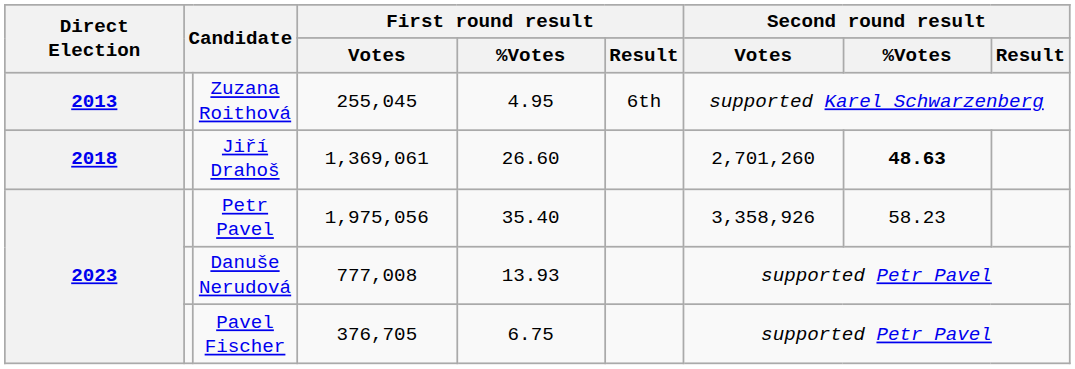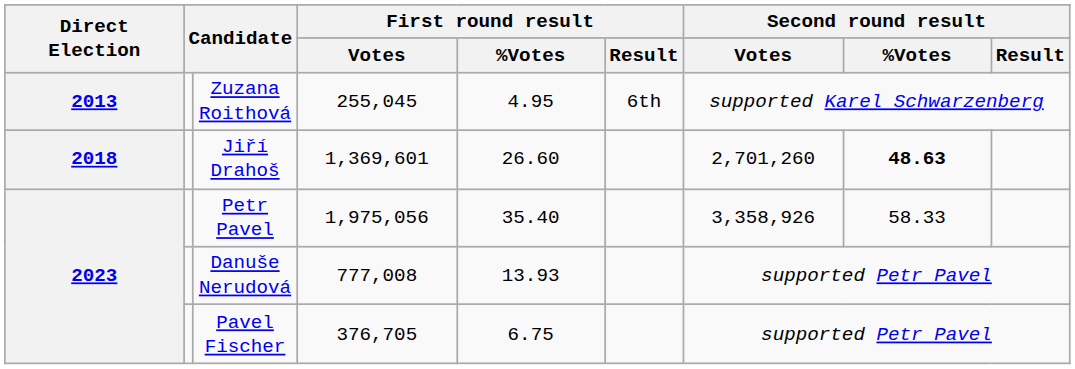 <table class="wikitable" style=text-align:center;font-size:85%;line-height:14px;">
 <tr>
 <th width="120" rowspan="2">Direct Election</th>
 <th width="180" rowspan="2" colspan=2>Candidate</th>
 <th width="200" colspan=3>First round result</th>
 <th width="200" colspan=3>Second round result</th>
 </tr>
 <tr>
 <th width="100">Votes</th>
 <th width="100">%Votes</th>
 <th>Result</th>
 <th width="100">Votes</th>
 <th width="100">%Votes</th>
 <th>Result</th>
 </tr>
 <tr>
 <th><a href='#'>2013</a></th>
 <td style="background-color: "></td>
 <td><a href='#'>Zuzana Roithová</a></td>
 <td>255,045</td>
 <td>4.95</td>
 <td>6th</td>
 <td colspan=3 align=center><em>supported <a href='#'>Karel Schwarzenberg</a></em></td>
 </tr>
 <tr>
 <th><a href='#'>2018</a></th>
 <td style="background-color: "></td>
 <td><a href='#'>Jiří Drahoš</a></td>
-<td>1,369,061</td>
+<td>1,369,601</td>
 <td>26.60</td>
 <td></td>
 <td>2,701,260</td>
 <td><strong>48.63</strong></td>
 <td></td>
 </tr>
 <tr>
 <th rowspan=3><a href='#'>2023</a></th>
 <td style="background-color: "></td>
 <td><a href='#'>Petr Pavel</a></td>
 <td>1,975,056</td>
 <td>35.40</td>
 <td></td>
 <td>3,358,926</td>
-<td>58.23</td>
+<td>58.33</td>
 <td></td>
 </tr>
 <tr>
 <td style="background-color: "></td>
 <td><a href='#'>Danuše Nerudová</a></td>
 <td>777,008</td>
 <td>13.93</td>
 <td></td>
 <td colspan=3 align=center><em>supported <a href='#'>Petr Pavel</a></em></td>
 </tr>
 <tr>
 <td style="background-color: "></td>
 <td><a href='#'>Pavel Fischer</a></td>
 <td>376,705</td>
 <td>6.75</td>
 <td></td>
 <td colspan=3 align=center><em>supported <a href='#'>Petr Pavel</a></em></td>
 </tr>
 </table>
